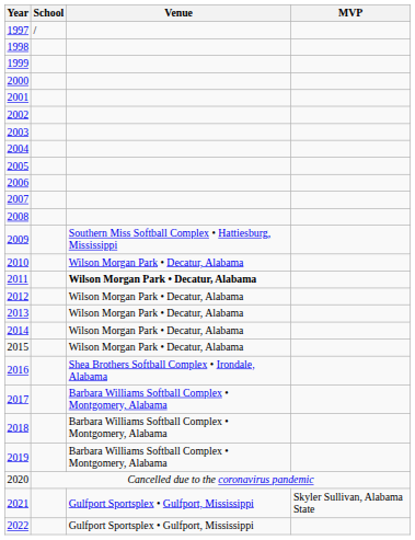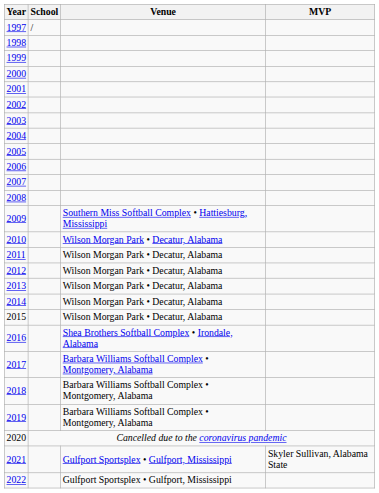 <table class="wikitable">
 <tr>
 <th>Year</th>
 <th>School</th>
 <th>Venue</th>
 <th>MVP</th>
 </tr>
 <tr>
 <td><a href='#'>1997</a></td>
 <td>/</td>
 <td></td>
 <td></td>
 </tr>
 <tr>
 <td><a href='#'>1998</a></td>
 <td></td>
 <td></td>
 <td></td>
 </tr>
 <tr>
 <td><a href='#'>1999</a></td>
 <td></td>
 <td></td>
 <td></td>
 </tr>
 <tr>
 <td><a href='#'>2000</a></td>
 <td></td>
 <td></td>
 <td></td>
 </tr>
 <tr>
 <td><a href='#'>2001</a></td>
 <td></td>
 <td></td>
 <td></td>
 </tr>
 <tr>
 <td><a href='#'>2002</a></td>
 <td></td>
 <td></td>
 <td></td>
 </tr>
 <tr>
 <td><a href='#'>2003</a></td>
 <td></td>
 <td></td>
 <td></td>
 </tr>
 <tr>
 <td><a href='#'>2004</a></td>
 <td></td>
 <td></td>
 <td></td>
 </tr>
 <tr>
 <td><a href='#'>2005</a></td>
 <td></td>
 <td></td>
 <td></td>
 </tr>
 <tr>
 <td><a href='#'>2006</a></td>
 <td></td>
 <td></td>
 <td></td>
 </tr>
 <tr>
 <td><a href='#'>2007</a></td>
 <td></td>
 <td></td>
 <td></td>
 </tr>
 <tr>
 <td><a href='#'>2008</a></td>
 <td></td>
 <td></td>
 <td></td>
 </tr>
 <tr>
 <td><a href='#'>2009</a></td>
 <td></td>
 <td><a href='#'>Southern Miss Softball Complex</a> • <a href='#'>Hattiesburg, Mississippi</a></td>
 <td></td>
 </tr>
 <tr>
 <td><a href='#'>2010</a></td>
 <td></td>
 <td><a href='#'>Wilson Morgan Park</a> • <a href='#'>Decatur, Alabama</a></td>
 <td></td>
 </tr>
 <tr>
 <td><a href='#'>2011</a></td>
 <td></td>
-<td><strong>Wilson Morgan Park • Decatur, Alabama</strong></td>
+<td>Wilson Morgan Park • Decatur, Alabama</td>
 <td></td>
 </tr>
 <tr>
 <td><a href='#'>2012</a></td>
 <td></td>
 <td>Wilson Morgan Park • Decatur, Alabama</td>
 <td></td>
 </tr>
 <tr>
 <td><a href='#'>2013</a></td>
 <td></td>
 <td>Wilson Morgan Park • Decatur, Alabama</td>
 <td></td>
 </tr>
 <tr>
 <td><a href='#'>2014</a></td>
 <td></td>
 <td>Wilson Morgan Park • Decatur, Alabama</td>
 <td></td>
 </tr>
 <tr>
 <td>2015</td>
 <td></td>
 <td>Wilson Morgan Park • Decatur, Alabama</td>
 <td></td>
 </tr>
 <tr>
 <td><a href='#'>2016</a></td>
 <td></td>
 <td><a href='#'>Shea Brothers Softball Complex</a> • <a href='#'>Irondale, Alabama</a></td>
 <td></td>
 </tr>
 <tr>
 <td><a href='#'>2017</a></td>
 <td></td>
 <td><a href='#'>Barbara Williams Softball Complex</a> • <a href='#'>Montgomery, Alabama</a></td>
 <td></td>
 </tr>
 <tr>
 <td><a href='#'>2018</a></td>
 <td></td>
 <td>Barbara Williams Softball Complex • Montgomery, Alabama</td>
 <td></td>
 </tr>
 <tr>
 <td><a href='#'>2019</a></td>
 <td></td>
 <td>Barbara Williams Softball Complex • Montgomery, Alabama</td>
 <td></td>
 </tr>
 <tr>
 <td>2020</td>
 <td colspan=3 align=center><em>Cancelled due to the <a href='#'>coronavirus pandemic</a></em></td>
 </tr>
 <tr>
 <td><a href='#'>2021</a></td>
 <td></td>
 <td><a href='#'>Gulfport Sportsplex</a> • <a href='#'>Gulfport, Mississippi</a></td>
 <td>Skyler Sullivan, Alabama State</td>
 </tr>
 <tr>
 <td><a href='#'>2022</a></td>
 <td></td>
 <td>Gulfport Sportsplex • Gulfport, Mississippi</td>
 <td></td>
 </tr>
 </table>
